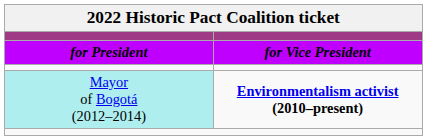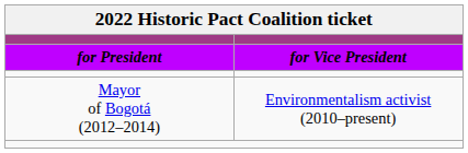 <table class="wikitable" style="font-size:90%;text-align:center">
 <tr>
 <td style="background:#F1F1F1" colspan="30"><big><strong>2022 Historic Pact Coalition ticket </strong></big></td>
 </tr>
 <tr>
 <th style="width:3em; font-size:135%; background:#9F3A86; width:200px;"></th>
 <th style="width:3em; font-size:135%; background:#9F3A86; width:200px;"></th>
 </tr>
 <tr style="color:#000; font-size:100%; background:#BF00FF;">
 <td style="width:3em; width:200px;"><strong><em>for President</em></strong></td>
 <td style="width:3em; width:200px;"><strong><em>for Vice President</em></strong></td>
 </tr>
 <tr>
 <td></td>
 <td></td>
 </tr>
 <tr>
-<td style="background: paleturquoise;"><a href='#'>Mayor</a><br>of <a href='#'>Bogotá</a><br>(2012–2014)</td>
-<td><strong><a href='#'>Environmentalism activist</a><br>(2010–present)</strong></td>
+<td><a href='#'>Mayor</a><br>of <a href='#'>Bogotá</a><br>(2012–2014)</td>
+<td><a href='#'>Environmentalism activist</a><br>(2010–present)</td>
 </tr>
 <tr>
 <td colspan="2"></td>
 </tr>
 </table>
